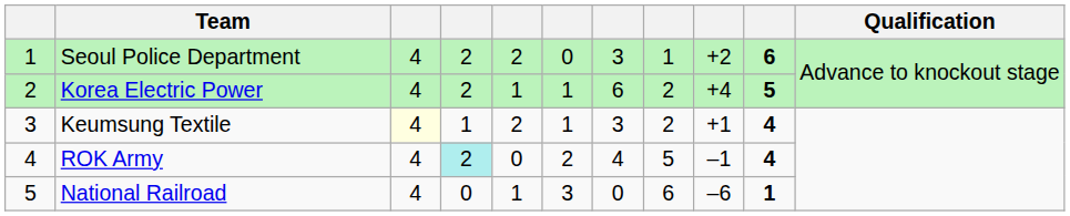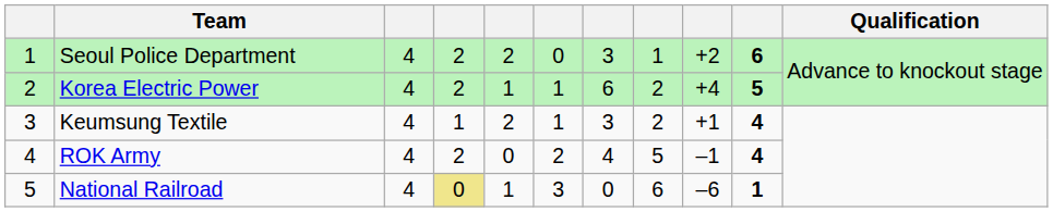 <table class="wikitable" style="text-align:center;">
 <tr>
 <th width=30></th>
 <th width=240>Team</th>
 <th width=30></th>
 <th width=30></th>
 <th width=30></th>
 <th width=30></th>
 <th width=30></th>
 <th width=30></th>
 <th width=30></th>
 <th width=30></th>
 <th>Qualification</th>
 </tr>
 <tr bgcolor=#BBF3BB>
 <td>1</td>
 <td align=left>Seoul Police Department</td>
 <td>4</td>
 <td>2</td>
 <td>2</td>
 <td>0</td>
 <td>3</td>
 <td>1</td>
 <td>+2</td>
 <td><strong>6</strong></td>
 <td rowspan=2>Advance to knockout stage</td>
 </tr>
 <tr bgcolor=#BBF3BB>
 <td>2</td>
 <td align=left><a href='#'>Korea Electric Power</a></td>
 <td>4</td>
 <td>2</td>
 <td>1</td>
 <td>1</td>
 <td>6</td>
 <td>2</td>
 <td>+4</td>
 <td><strong>5</strong></td>
 </tr>
 <tr>
 <td>3</td>
 <td align=left>Keumsung Textile</td>
-<td style="background: lightyellow;">4</td>
+<td>4</td>
 <td>1</td>
 <td>2</td>
 <td>1</td>
 <td>3</td>
 <td>2</td>
 <td>+1</td>
 <td><strong>4</strong></td>
 </tr>
 <tr>
 <td>4</td>
 <td align=left><a href='#'>ROK Army</a></td>
 <td>4</td>
-<td style="background: paleturquoise;">2</td>
+<td>2</td>
 <td>0</td>
 <td>2</td>
 <td>4</td>
 <td>5</td>
 <td>–1</td>
 <td><strong>4</strong></td>
 </tr>
 <tr>
 <td>5</td>
 <td align=left><a href='#'>National Railroad</a></td>
 <td>4</td>
-<td>0</td>
+<td style="background: khaki;">0</td>
 <td>1</td>
 <td>3</td>
 <td>0</td>
 <td>6</td>
 <td>–6</td>
 <td><strong>1</strong></td>
 </tr>
 </table>
